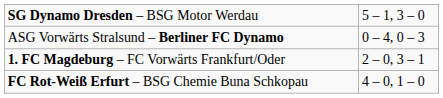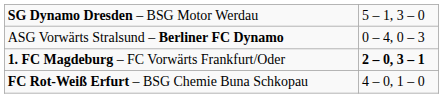 <table class="wikitable" style="width:500px;">
 <tr>
 <td><strong>SG Dynamo Dresden</strong> – BSG Motor Werdau</td>
 <td>5 – 1, 3 – 0</td>
 </tr>
 <tr>
 <td>ASG Vorwärts Stralsund – <strong>Berliner FC Dynamo</strong></td>
 <td>0 – 4, 0 – 3</td>
 </tr>
 <tr>
 <td><strong>1. FC Magdeburg</strong> – FC Vorwärts Frankfurt/Oder</td>
-<td>2 – 0, 3 – 1</td>
+<td><strong>2 – 0, 3 – 1</strong></td>
 </tr>
 <tr>
 <td><strong>FC Rot-Weiß Erfurt</strong> – BSG Chemie Buna Schkopau</td>
 <td>4 – 0, 1 – 0</td>
 </tr>
 </table>
